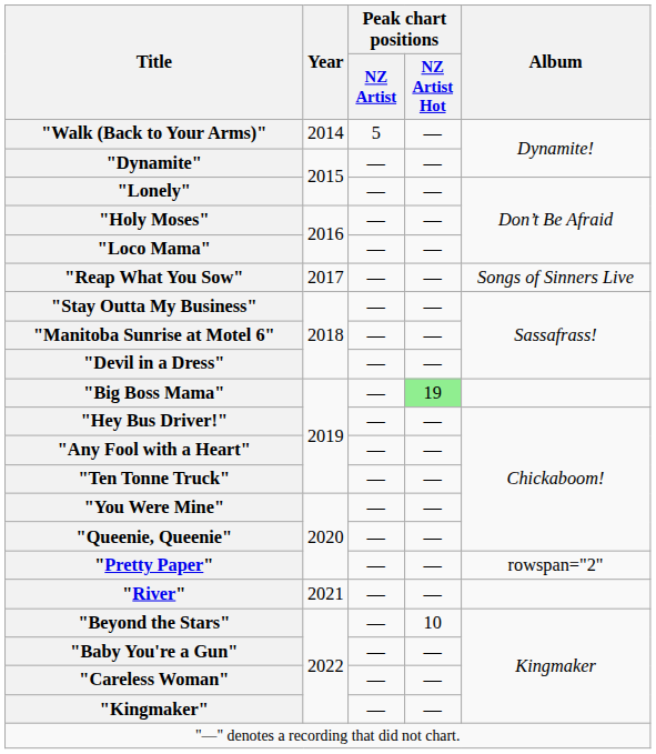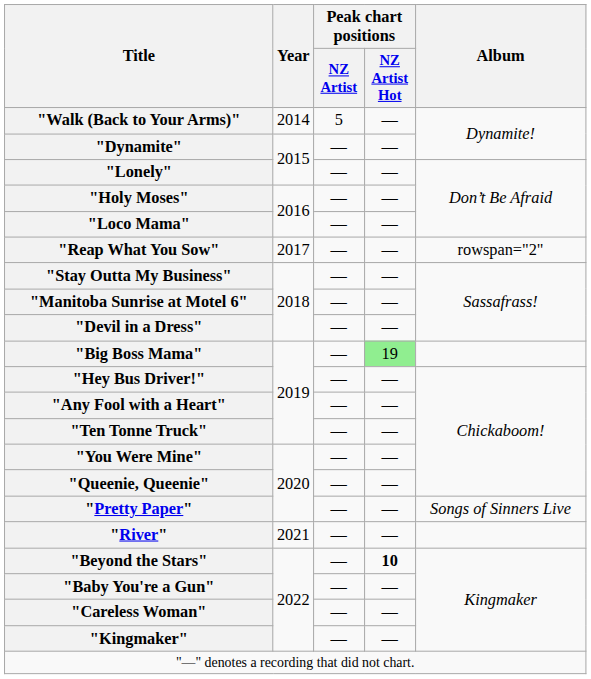 <table class="wikitable plainrowheaders" style="text-align:center;">
 <tr>
 <th scope="col" rowspan="2" style="width:16em;">Title</th>
 <th scope="col" rowspan="2" style="width:1em;">Year</th>
 <th scope="col" colspan="2">Peak chart positions</th>
 <th scope="col" rowspan="2" style="width:10em;">Album</th>
 </tr>
 <tr>
 <th scope="col" style="width:3em;font-size:90%;"><a href='#'>NZ<br>Artist</a><br></th>
 <th scope="col" style="width:3em;font-size:90%;"><a href='#'>NZ<br>Artist<br>Hot</a><br></th>
 </tr>
 <tr>
 <th scope="row">"Walk (Back to Your Arms)"</th>
 <td>2014</td>
 <td>5</td>
 <td>—</td>
 <td rowspan="2"><em>Dynamite!</em></td>
 </tr>
 <tr>
 <th scope="row">"Dynamite"</th>
 <td rowspan="2">2015</td>
 <td>—</td>
 <td>—</td>
 </tr>
 <tr>
 <th scope="row">"Lonely"<br></th>
 <td>—</td>
 <td>—</td>
 <td rowspan="3"><em>Don’t Be Afraid</em></td>
 </tr>
 <tr>
 <th scope="row">"Holy Moses"</th>
 <td rowspan="2">2016</td>
 <td>—</td>
 <td>—</td>
 </tr>
 <tr>
 <th scope="row">"Loco Mama"</th>
 <td>—</td>
 <td>—</td>
 </tr>
 <tr>
 <th scope="row">"Reap What You Sow"</th>
 <td>2017</td>
 <td>—</td>
 <td>—</td>
-<td><em>Songs of Sinners Live</em></td>
+<td>rowspan="2" </td>
 </tr>
 <tr>
 <th scope="row">"Stay Outta My Business"</th>
 <td rowspan="3">2018</td>
 <td>—</td>
 <td>—</td>
 <td rowspan="3"><em>Sassafrass!</em></td>
 </tr>
 <tr>
 <th scope="row">"Manitoba Sunrise at Motel 6"</th>
 <td>—</td>
 <td>—</td>
 </tr>
 <tr>
 <th scope="row">"Devil in a Dress"</th>
 <td>—</td>
 <td>—</td>
 </tr>
 <tr>
 <th scope="row">"Big Boss Mama"</th>
 <td rowspan="4">2019</td>
 <td>—</td>
 <td style="background: lightgreen;">19</td>
 <td></td>
 </tr>
 <tr>
 <th scope="row">"Hey Bus Driver!"<br></th>
 <td>—</td>
 <td>—</td>
 <td rowspan="5"><em>Chickaboom!</em></td>
 </tr>
 <tr>
 <th scope="row">"Any Fool with a Heart"<br></th>
 <td>—</td>
 <td>—</td>
 </tr>
 <tr>
 <th scope="row">"Ten Tonne Truck"</th>
 <td>—</td>
 <td>—</td>
 </tr>
 <tr>
 <th scope="row">"You Were Mine"</th>
 <td rowspan="3">2020</td>
 <td>—</td>
 <td>—</td>
 </tr>
 <tr>
 <th scope="row">"Queenie, Queenie"</th>
 <td>—</td>
 <td>—</td>
 </tr>
 <tr>
 <th scope="row">"<a href='#'>Pretty Paper</a>"</th>
 <td>—</td>
 <td>—</td>
-<td>rowspan="2" </td>
+<td><em>Songs of Sinners Live</em></td>
 </tr>
 <tr>
 <th scope="row">"<a href='#'>River</a>"</th>
 <td>2021</td>
 <td>—</td>
 <td>—</td>
 </tr>
 <tr>
 <th scope="row">"Beyond the Stars"<br></th>
 <td rowspan="4">2022</td>
 <td>—</td>
-<td>10</td>
+<td><strong>10</strong></td>
 <td rowspan="4"><em>Kingmaker</em></td>
 </tr>
 <tr>
 <th scope="row">"Baby You're a Gun"</th>
 <td>—</td>
 <td>—</td>
 </tr>
 <tr>
 <th scope="row">"Careless Woman"</th>
 <td>—</td>
 <td>—</td>
 </tr>
 <tr>
 <th scope="row">"Kingmaker"</th>
 <td>—</td>
 <td>—</td>
 </tr>
 <tr>
 <td colspan="8" style="font-size:85%;">"—" denotes a recording that did not chart.</td>
 </tr>
 </table>
